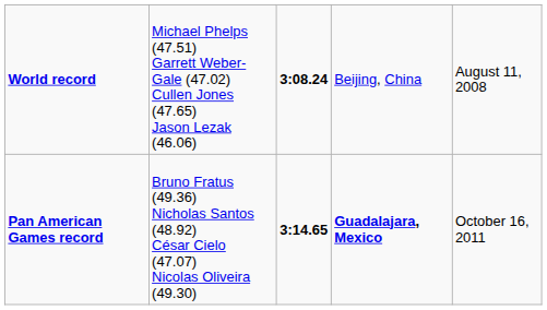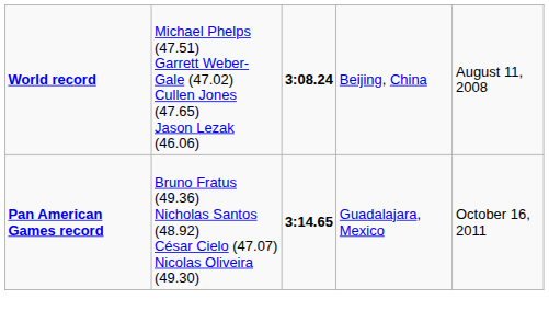 <table class="wikitable">
 <tr>
 <td><strong><a href='#'>World record</a></strong></td>
 <td><br><a href='#'>Michael Phelps</a> (47.51)<br><a href='#'>Garrett Weber-Gale</a> (47.02)<br><a href='#'>Cullen Jones</a> (47.65)<br><a href='#'>Jason Lezak</a> (46.06)</td>
 <td><strong>3:08.24</strong></td>
 <td><a href='#'>Beijing</a>, <a href='#'>China</a></td>
 <td>August 11, 2008</td>
 </tr>
 <tr>
 <td><strong><a href='#'>Pan American Games record</a></strong></td>
 <td><br><a href='#'>Bruno Fratus</a> (49.36)<br><a href='#'>Nicholas Santos</a> (48.92)<br><a href='#'>César Cielo</a> (47.07)<br><a href='#'>Nicolas Oliveira</a> (49.30)</td>
 <td><strong>3:14.65</strong></td>
-<td><strong><a href='#'>Guadalajara</a>, <a href='#'>Mexico</a></strong></td>
+<td><a href='#'>Guadalajara</a>, <a href='#'>Mexico</a></td>
 <td>October 16, 2011</td>
 </tr>
 </table>
